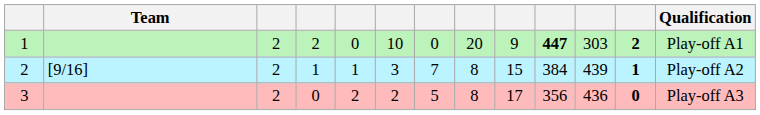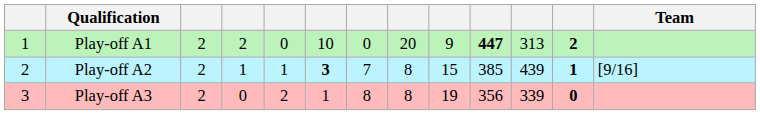 <table class=wikitable style="text-align:center" width=730>
 <tr>
 <th width=5.5%></th>
-<th width=30%>Team</th>
+<th width=18%>Qualification</th>
 <th width=5.5%></th>
 <th width=5.5%></th>
 <th width=5.5%></th>
 <th width=5.5%></th>
 <th width=5.5%></th>
 <th width=5.5%></th>
 <th width=5.5%></th>
 <th width=5.5%></th>
 <th width=5.5%></th>
 <th width=5.5%></th>
-<th width=18%>Qualification</th>
+<th width=30%>Team</th>
 </tr>
 <tr bgcolor=#bbf3bb>
 <td>1</td>
-<td style="text-align:left"></td>
+<td>Play-off A1</td>
 <td>2</td>
 <td>2</td>
 <td>0</td>
 <td>10</td>
 <td>0</td>
 <td>20</td>
 <td>9</td>
 <td><strong>447</strong></td>
-<td>303</td>
+<td>313</td>
 <td><strong>2</strong></td>
-<td>Play-off A1</td>
+<td style="text-align:left"></td>
 </tr>
 <tr bgcolor=#bbf3ff>
 <td>2</td>
-<td style="text-align:left"> [9/16]</td>
+<td>Play-off A2</td>
 <td>2</td>
 <td>1</td>
 <td>1</td>
-<td>3</td>
+<td><strong>3</strong></td>
 <td>7</td>
 <td>8</td>
 <td>15</td>
-<td>384</td>
+<td>385</td>
 <td>439</td>
 <td><strong>1</strong></td>
-<td>Play-off A2</td>
+<td style="text-align:left"> [9/16]</td>
 </tr>
 <tr bgcolor=#ffbbbb>
 <td>3</td>
-<td style="text-align:left"></td>
+<td>Play-off A3</td>
 <td>2</td>
 <td>0</td>
 <td>2</td>
-<td>2</td>
-<td>5</td>
+<td>1</td>
 <td>8</td>
-<td>17</td>
+<td>8</td>
+<td>19</td>
 <td>356</td>
-<td>436</td>
+<td>339</td>
 <td><strong>0</strong></td>
-<td>Play-off A3</td>
+<td style="text-align:left"></td>
 </tr>
 </table>
